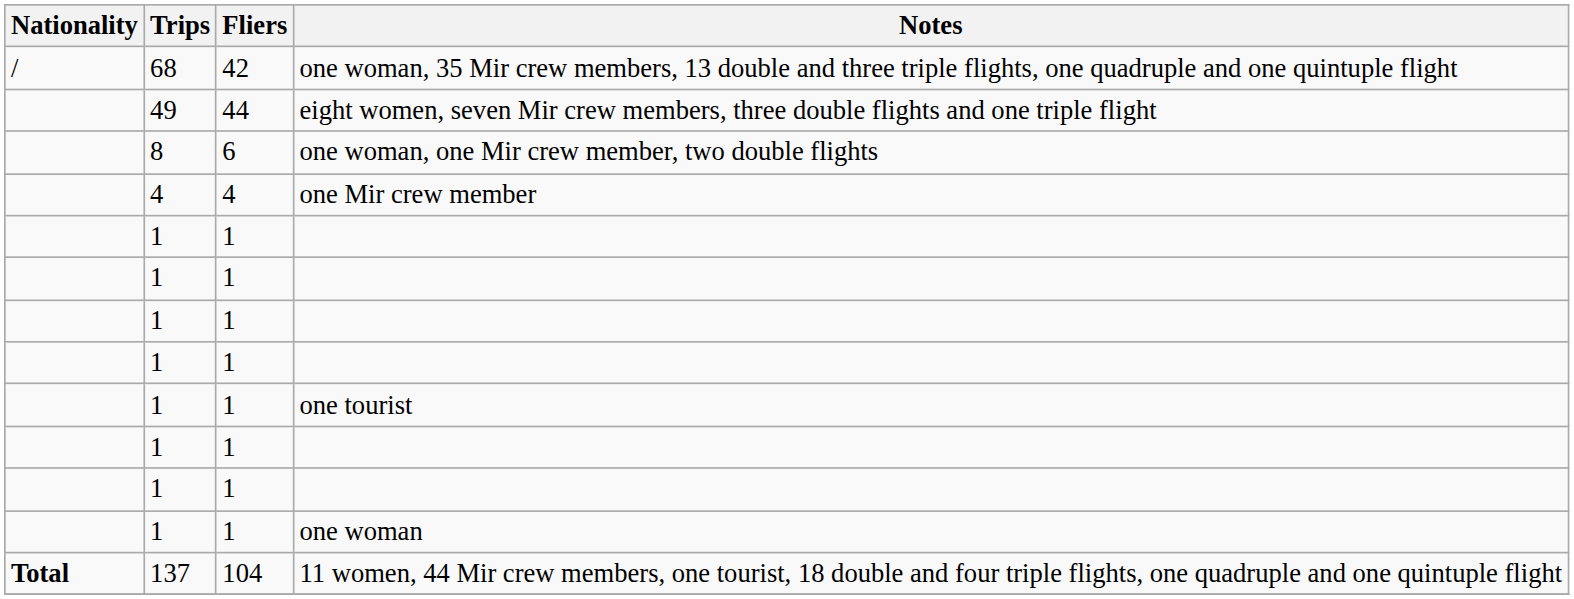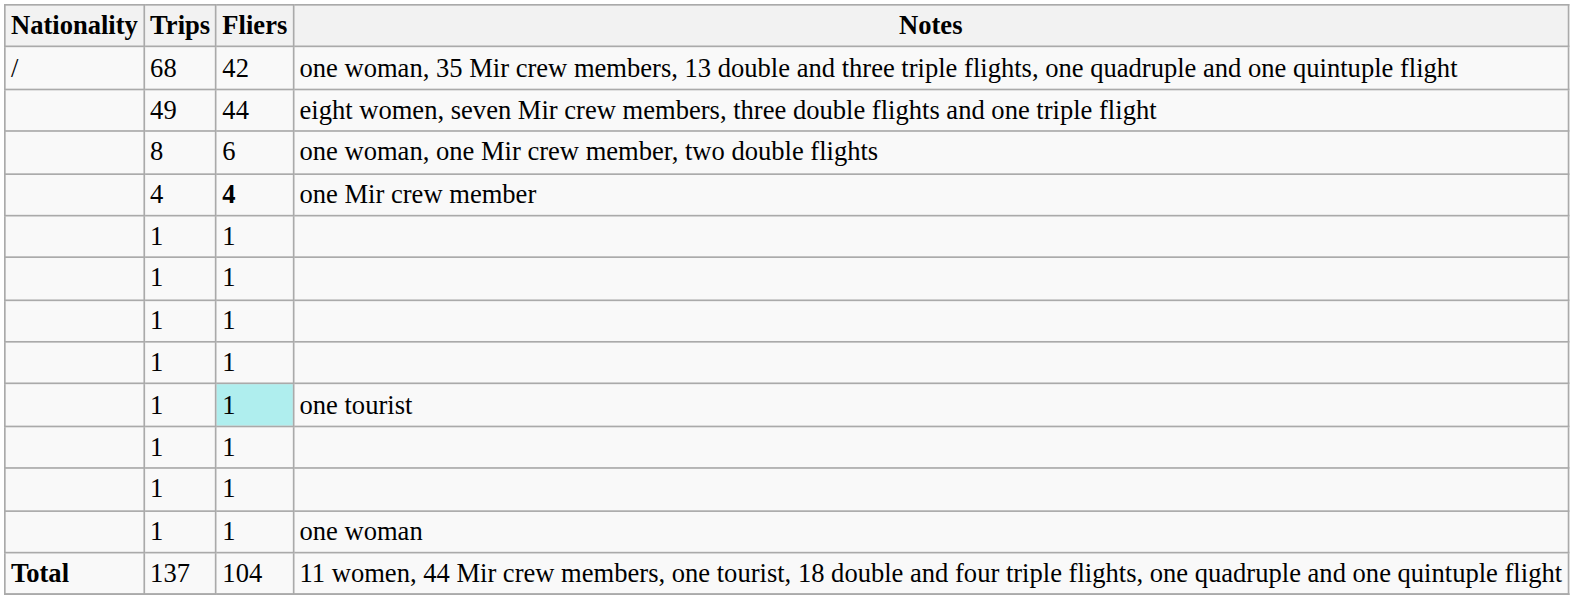 <table class="wikitable">
 <tr>
 <th>Nationality</th>
 <th>Trips</th>
 <th>Fliers</th>
 <th>Notes</th>
 </tr>
 <tr>
 <td> / </td>
 <td>68</td>
 <td>42</td>
 <td>one woman, 35 Mir crew members, 13 double and three triple flights, one quadruple and one quintuple flight</td>
 </tr>
 <tr>
 <td></td>
 <td>49</td>
 <td>44</td>
 <td>eight women, seven Mir crew members, three double flights and one triple flight</td>
 </tr>
 <tr>
 <td></td>
 <td>8</td>
 <td>6</td>
 <td>one woman, one Mir crew member, two double flights</td>
 </tr>
 <tr>
 <td></td>
 <td>4</td>
-<td>4</td>
+<td><strong>4</strong></td>
 <td>one Mir crew member</td>
 </tr>
 <tr>
 <td></td>
 <td>1</td>
 <td>1</td>
 <td></td>
 </tr>
 <tr>
 <td></td>
 <td>1</td>
 <td>1</td>
 <td></td>
 </tr>
 <tr>
 <td></td>
 <td>1</td>
 <td>1</td>
 <td></td>
 </tr>
 <tr>
 <td></td>
 <td>1</td>
 <td>1</td>
 <td></td>
 </tr>
 <tr>
 <td></td>
 <td>1</td>
-<td>1</td>
+<td style="background: paleturquoise;">1</td>
 <td>one tourist</td>
 </tr>
 <tr>
 <td></td>
 <td>1</td>
 <td>1</td>
 <td></td>
 </tr>
 <tr>
 <td></td>
 <td>1</td>
 <td>1</td>
 <td></td>
 </tr>
 <tr>
 <td></td>
 <td>1</td>
 <td>1</td>
 <td>one woman</td>
 </tr>
 <tr>
 <td><strong>Total</strong></td>
 <td>137</td>
 <td>104</td>
 <td>11 women, 44 Mir crew members, one tourist, 18 double and four triple flights, one quadruple and one quintuple flight</td>
 </tr>
 <tr>
 </tr>
 </table>
